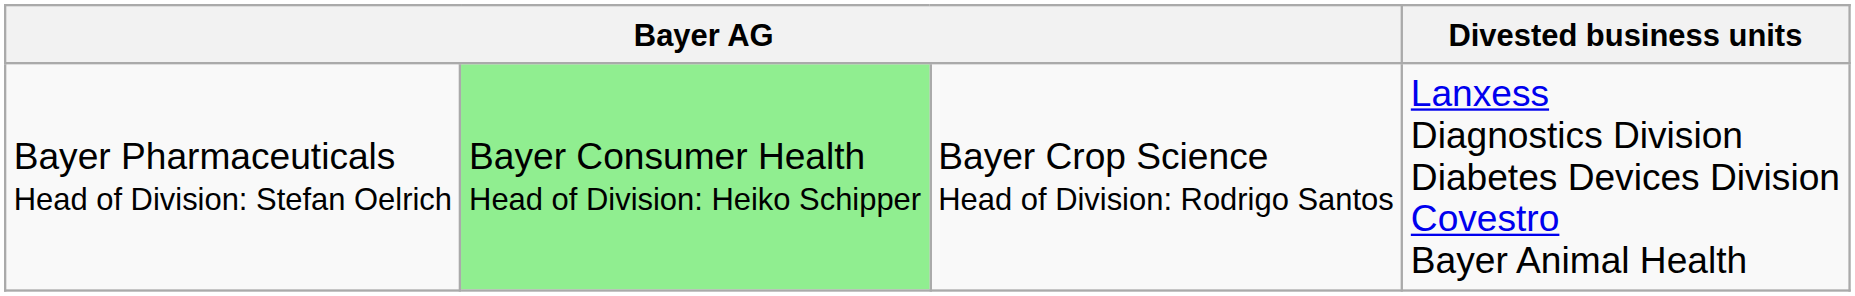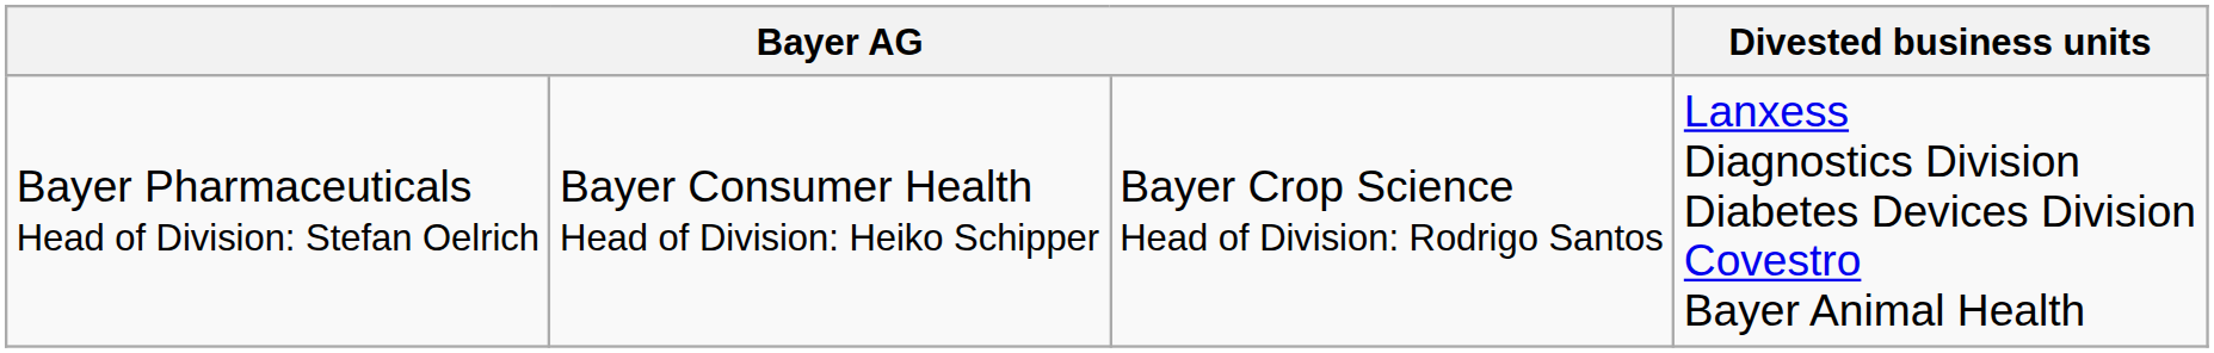 <table class="wikitable">
 <tr>
 <th colspan=3><small>Bayer AG</small></th>
 <th><small>Divested business units</small></th>
 </tr>
 <tr>
 <td>Bayer Pharmaceuticals<br><small>Head of Division: Stefan Oelrich</small></td>
-<td style="background: lightgreen;">Bayer Consumer Health<br><small>Head of Division: Heiko Schipper</small></td>
+<td>Bayer Consumer Health<br><small>Head of Division: Heiko Schipper</small></td>
 <td>Bayer Crop Science<br><small>Head of Division: Rodrigo Santos </small></td>
 <td><a href='#'>Lanxess</a> <br>Diagnostics Division <br> Diabetes Devices Division <br><a href='#'>Covestro</a> <br>Bayer Animal Health </td>
 </tr>
 </table>
